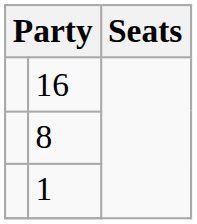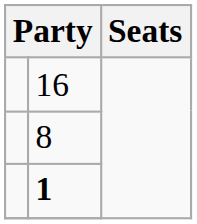 <table class="wikitable">
 <tr>
 <th colspan="2" rowspan="1" align="center" valign="top">Party</th>
 <th valign="top">Seats</th>
 </tr>
 <tr>
 <td></td>
 <td>16</td>
 </tr>
 <tr>
 <td></td>
 <td>8</td>
 </tr>
 <tr>
 <td></td>
-<td>1</td>
+<td><strong>1</strong></td>
 </tr>
 <tr>
 </tr>
 </table>
